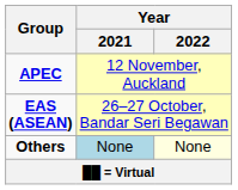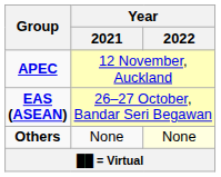 <table class="wikitable" style="margin:1em auto; font-size:85%; text-align:center;">
 <tr>
 <th rowspan="2">Group</th>
 <th colspan="4">Year</th>
 </tr>
 <tr>
 <th>2021</th>
 <th>2022</th>
 </tr>
 <tr>
 <td><strong><a href='#'>APEC</a></strong></td>
 <td colspan="2" style="background:#ffb;"><a href='#'>12 November</a>,<br> <a href='#'>Auckland</a></td>
 </tr>
 <tr>
 <td><strong><a href='#'>EAS</a><br>(<a href='#'>ASEAN</a>)</strong></td>
 <td colspan="2" style="background:#ffb;"><a href='#'>26–27 October</a>,<br> <a href='#'>Bandar Seri Begawan</a></td>
 </tr>
 <tr>
 <td><strong>Others</strong></td>
-<td style="background: lightblue;">None</td>
+<td>None</td>
 <td style="background: lightyellow;">None</td>
 </tr>
 <tr>
 <th colspan="5"><small><span>██</span> = Virtual </small></th>
 </tr>
 </table>
